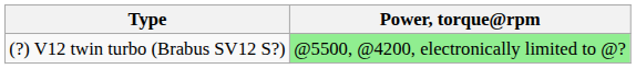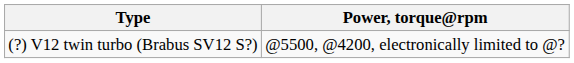 <table class="wikitable">
 <tr>
 <th>Type</th>
 <th>Power, torque@rpm</th>
 </tr>
 <tr>
 <td> (?) V12 twin turbo (Brabus SV12 S?)</td>
-<td style="background: lightgreen;">@5500, @4200, electronically limited to @?</td>
+<td>@5500, @4200, electronically limited to @?</td>
 </tr>
 </table>
